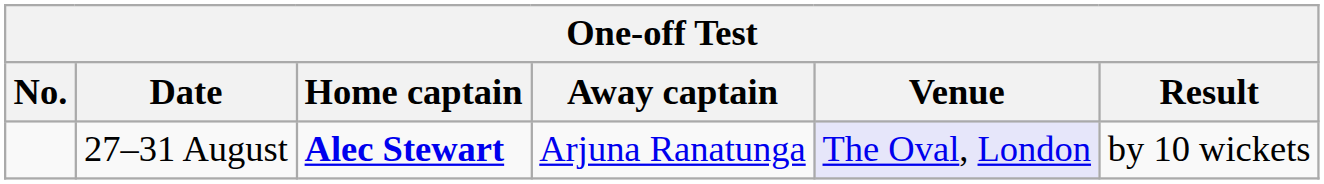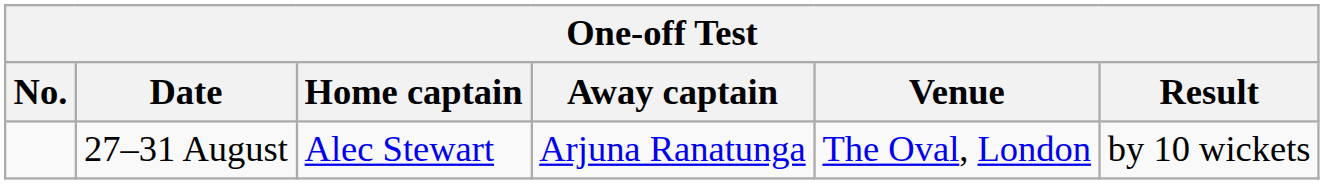 <table class="wikitable">
 <tr>
 <th colspan="9">One-off Test</th>
 </tr>
 <tr>
 <th>No.</th>
 <th>Date</th>
 <th>Home captain</th>
 <th>Away captain</th>
 <th>Venue</th>
 <th>Result</th>
 </tr>
 <tr>
 <td></td>
 <td>27–31 August</td>
-<td><strong><a href='#'>Alec Stewart</a></strong></td>
+<td><a href='#'>Alec Stewart</a></td>
 <td><a href='#'>Arjuna Ranatunga</a></td>
-<td style="background: lavender;"><a href='#'>The Oval</a>, <a href='#'>London</a></td>
+<td><a href='#'>The Oval</a>, <a href='#'>London</a></td>
 <td> by 10 wickets</td>
 </tr>
 </table>
